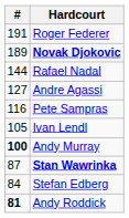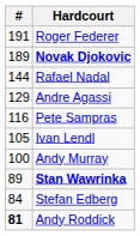 <table class=wikitable style="display:inline-table;">
 <tr>
 <th>#</th>
 <th>Hardcourt</th>
 </tr>
 <tr>
 <td>191</td>
 <td> <a href='#'>Roger Federer</a></td>
 </tr>
 <tr>
 <td>189</td>
 <td> <strong><a href='#'>Novak Djokovic</a></strong></td>
 </tr>
 <tr>
 <td>144</td>
 <td> <a href='#'>Rafael Nadal</a></td>
 </tr>
 <tr>
-<td>127</td>
+<td>129</td>
 <td> <a href='#'>Andre Agassi</a></td>
 </tr>
 <tr>
 <td>116</td>
 <td> <a href='#'>Pete Sampras</a></td>
 </tr>
 <tr>
 <td>105</td>
 <td> <a href='#'>Ivan Lendl</a></td>
 </tr>
 <tr>
-<td><strong>100</strong></td>
+<td>100</td>
 <td> <a href='#'>Andy Murray</a></td>
 </tr>
 <tr>
-<td>87</td>
+<td>89</td>
 <td> <strong><a href='#'>Stan Wawrinka</a></strong></td>
 </tr>
 <tr>
 <td>84</td>
 <td> <a href='#'>Stefan Edberg</a></td>
 </tr>
 <tr>
 <td><strong>81</strong></td>
 <td> <a href='#'>Andy Roddick</a></td>
 </tr>
 </table>
